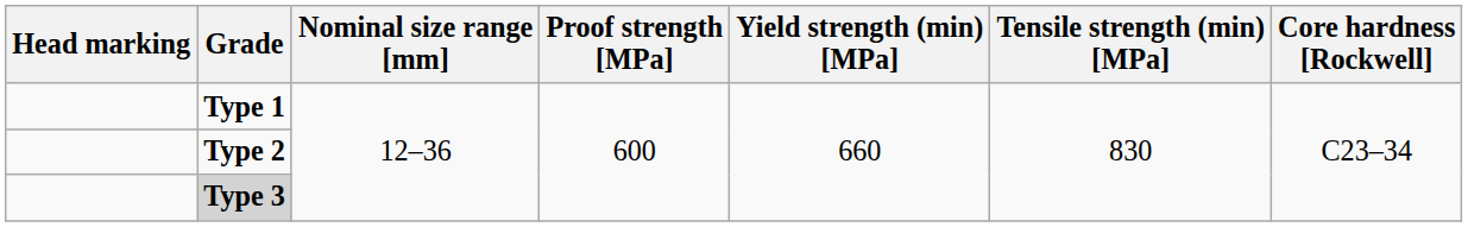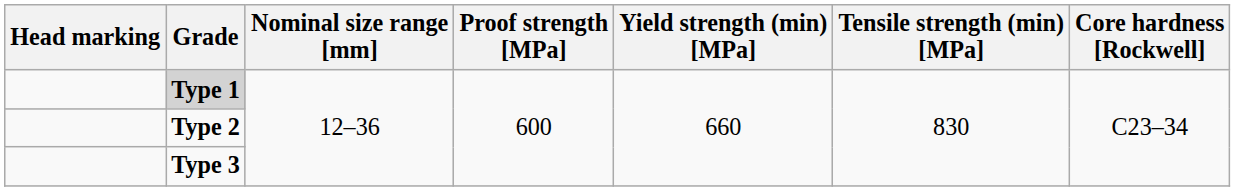 <table class="wikitable" border="1" style="text-align:center">
 <tr>
 <th>Head marking</th>
 <th>Grade</th>
 <th>Nominal size range<br>[mm]</th>
 <th>Proof strength<br>[MPa]</th>
 <th>Yield strength (min)<br>[MPa]</th>
 <th>Tensile strength (min)<br>[MPa]</th>
 <th>Core hardness<br>[Rockwell]</th>
 </tr>
 <tr>
 <td></td>
-<td><strong>Type 1</strong></td>
+<td style="background: lightgrey;"><strong>Type 1</strong></td>
 <td rowspan=3>12–36</td>
 <td rowspan=3>600</td>
 <td rowspan=3>660</td>
 <td rowspan=3>830</td>
 <td rowspan=3>C23–34</td>
 </tr>
 <tr>
 <td></td>
 <td><strong>Type 2</strong></td>
 </tr>
 <tr>
 <td></td>
-<td style="background: lightgrey;"><strong>Type 3</strong></td>
+<td><strong>Type 3</strong></td>
 </tr>
 </table>
